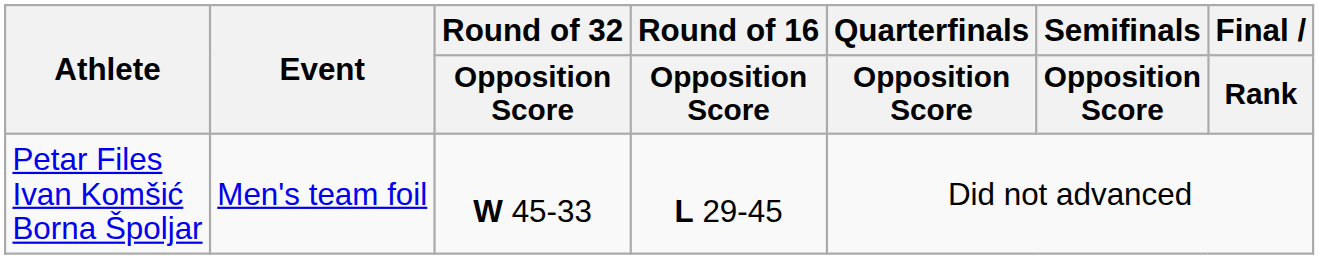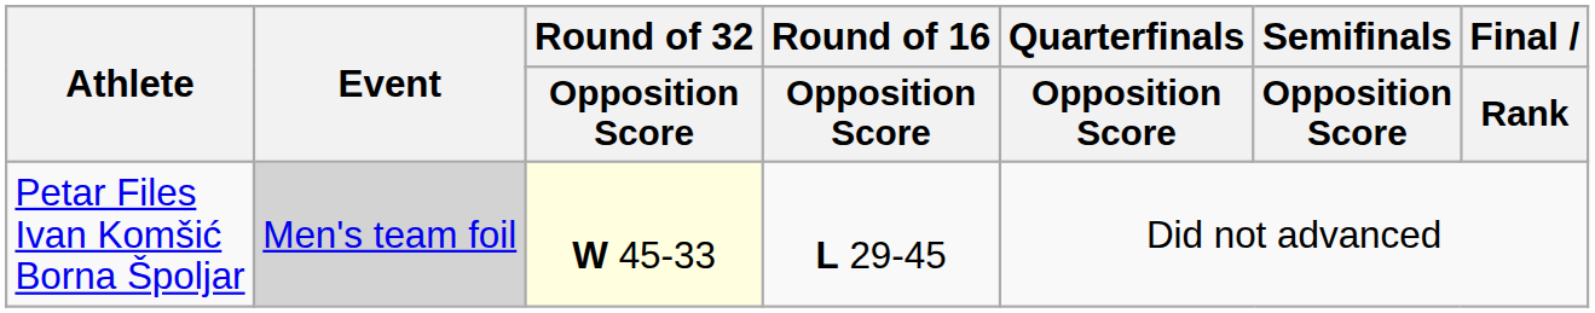 <table class="wikitable" style="font-size:90%">
 <tr>
 <th rowspan=2>Athlete</th>
 <th rowspan=2>Event</th>
 <th>Round of 32</th>
 <th>Round of 16</th>
 <th>Quarterfinals</th>
 <th>Semifinals</th>
 <th>Final / </th>
 </tr>
 <tr style="font-size:95%">
 <th>Opposition<br>Score</th>
 <th>Opposition<br>Score</th>
 <th>Opposition<br>Score</th>
 <th>Opposition<br>Score</th>
 <th>Rank</th>
 </tr>
 <tr align="center">
 <td align="left"><a href='#'>Petar Files</a><br><a href='#'>Ivan Komšić</a><br><a href='#'>Borna Špoljar</a></td>
-<td style="text-align:left;"><a href='#'>Men's team foil</a></td>
-<td><br><strong>W</strong> 45-33</td>
+<td style="background: lightgrey; text-align:left;"><a href='#'>Men's team foil</a></td>
+<td style="background: lightyellow;"><br><strong>W</strong> 45-33</td>
 <td><br><strong>L</strong> 29-45</td>
 <td colspan="3">Did not advanced</td>
 </tr>
 </table>
